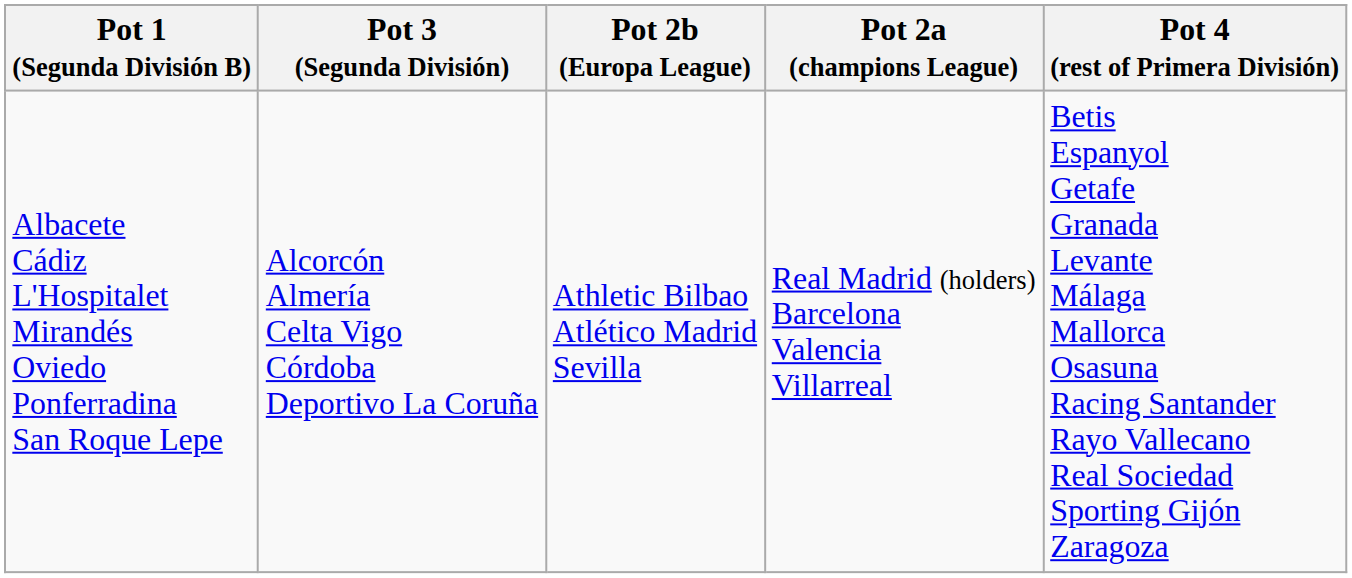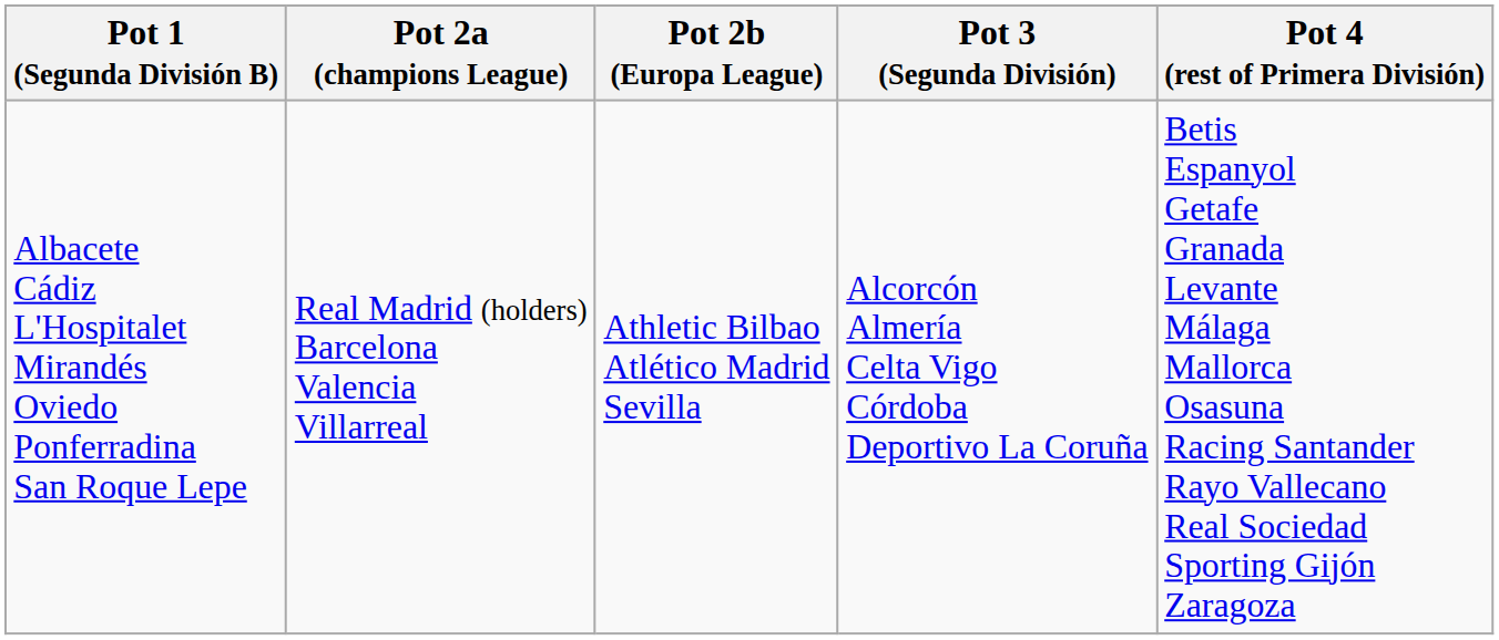 <table class="wikitable">
 <tr>
 <th>Pot 1<br><small>(Segunda División B)</small></th>
+<th>Pot 2a<br><small>(champions League)</small></th>
+<th>Pot 2b<br><small>(Europa League)</small></th>
 <th>Pot 3<br><small>(Segunda División)</small></th>
-<th>Pot 2b<br><small>(Europa League)</small></th>
-<th>Pot 2a<br><small>(champions League)</small></th>
 <th>Pot 4<br><small>(rest of Primera División)</small></th>
 </tr>
 <tr>
 <td><a href='#'>Albacete</a><br><a href='#'>Cádiz</a><br><a href='#'>L'Hospitalet</a><br><a href='#'>Mirandés</a><br><a href='#'>Oviedo</a><br><a href='#'>Ponferradina</a><br><a href='#'>San Roque Lepe</a></td>
+<td><a href='#'>Real Madrid</a> <small>(holders)</small><br><a href='#'>Barcelona</a><br><a href='#'>Valencia</a><br><a href='#'>Villarreal</a></td>
+<td><a href='#'>Athletic Bilbao</a><br><a href='#'>Atlético Madrid</a><br><a href='#'>Sevilla</a></td>
 <td><a href='#'>Alcorcón</a><br><a href='#'>Almería</a><br><a href='#'>Celta Vigo</a><br><a href='#'>Córdoba</a><br><a href='#'>Deportivo La Coruña</a></td>
-<td><a href='#'>Athletic Bilbao</a><br><a href='#'>Atlético Madrid</a><br><a href='#'>Sevilla</a></td>
-<td><a href='#'>Real Madrid</a> <small>(holders)</small><br><a href='#'>Barcelona</a><br><a href='#'>Valencia</a><br><a href='#'>Villarreal</a></td>
 <td><a href='#'>Betis</a><br><a href='#'>Espanyol</a><br><a href='#'>Getafe</a><br><a href='#'>Granada</a><br><a href='#'>Levante</a><br><a href='#'>Málaga</a><br><a href='#'>Mallorca</a><br><a href='#'>Osasuna</a><br><a href='#'>Racing Santander</a><br><a href='#'>Rayo Vallecano</a><br><a href='#'>Real Sociedad</a><br><a href='#'>Sporting Gijón</a><br><a href='#'>Zaragoza</a></td>
 </tr>
 </table>
